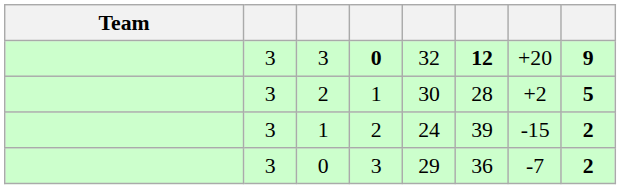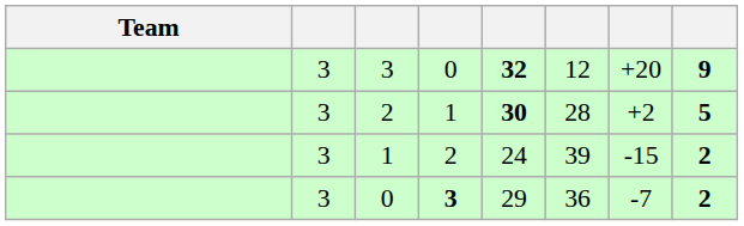 <table class="wikitable" style="text-align:center;font-size:95%">
 <tr>
 <th width=160>Team</th>
 <th width=30></th>
 <th width=30></th>
 <th width=30></th>
 <th width=30></th>
 <th width=30></th>
 <th width=30></th>
 <th width=30></th>
 </tr>
 <tr bgcolor=ccffcc>
 <td align="left"></td>
 <td>3</td>
 <td>3</td>
-<td><strong>0</strong></td>
-<td>32</td>
-<td><strong>12</strong></td>
+<td>0</td>
+<td><strong>32</strong></td>
+<td>12</td>
 <td>+20</td>
 <td><strong>9</strong></td>
 </tr>
 <tr bgcolor=ccffcc>
 <td align="left"></td>
 <td>3</td>
 <td>2</td>
 <td>1</td>
-<td>30</td>
+<td><strong>30</strong></td>
 <td>28</td>
 <td>+2</td>
 <td><strong>5</strong></td>
 </tr>
 <tr bgcolor=ccffcc>
 <td align="left"></td>
 <td>3</td>
 <td>1</td>
 <td>2</td>
 <td>24</td>
 <td>39</td>
 <td>-15</td>
 <td><strong>2</strong></td>
 </tr>
 <tr bgcolor=ccffcc>
 <td align="left"></td>
 <td>3</td>
 <td>0</td>
-<td>3</td>
+<td><strong>3</strong></td>
 <td>29</td>
 <td>36</td>
 <td>-7</td>
 <td><strong>2</strong></td>
 </tr>
 </table>
